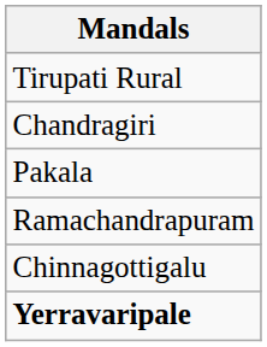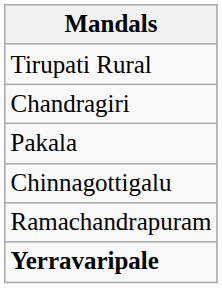 <table class="wikitable sortable static-row-numbers static-row-header-hash">
 <tr>
 <th>Mandals</th>
 </tr>
 <tr>
 <td>Tirupati Rural</td>
 </tr>
 <tr>
 <td>Chandragiri</td>
 </tr>
 <tr>
 <td>Pakala</td>
 </tr>
 <tr>
-<td>Ramachandrapuram</td>
+<td>Chinnagottigalu</td>
 </tr>
 <tr>
-<td>Chinnagottigalu</td>
+<td>Ramachandrapuram</td>
 </tr>
 <tr>
 <td><strong>Yerravaripale</strong></td>
 </tr>
 </table>
